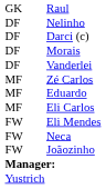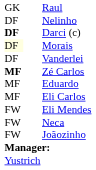 <table cellspacing="0" cellpadding="0" style="font-size:90%; margin:0.2em auto;">
 <tr>
 <th width="25"></th>
 <th width="25"></th>
 </tr>
 <tr>
 <td>GK</td>
 <td></td>
 <td> <a href='#'>Raul</a></td>
 </tr>
 <tr>
 <td>DF</td>
 <td></td>
 <td> <a href='#'>Nelinho</a></td>
 </tr>
 <tr>
-<td>DF</td>
+<td><strong>DF</strong></td>
 <td></td>
 <td> <a href='#'>Darci</a> (c)</td>
 </tr>
 <tr>
-<td>DF</td>
+<td style="background: lightyellow;">DF</td>
 <td></td>
 <td> <a href='#'>Morais</a></td>
 </tr>
 <tr>
 <td>DF</td>
 <td></td>
 <td> <a href='#'>Vanderlei</a></td>
 </tr>
 <tr>
-<td>MF</td>
+<td><strong>MF</strong></td>
 <td></td>
 <td> <a href='#'>Zé Carlos</a></td>
 </tr>
 <tr>
 <td>MF</td>
 <td></td>
 <td> <a href='#'>Eduardo</a></td>
 </tr>
 <tr>
 <td>MF</td>
 <td></td>
 <td> <a href='#'>Eli Carlos</a></td>
 </tr>
 <tr>
 <td>FW</td>
 <td></td>
 <td> <a href='#'>Eli Mendes</a></td>
 </tr>
 <tr>
 <td>FW</td>
 <td></td>
 <td> <a href='#'>Neca</a></td>
 </tr>
 <tr>
 <td>FW</td>
 <td></td>
 <td> <a href='#'>Joãozinho</a></td>
 </tr>
 <tr>
 <td colspan=3><strong>Manager:</strong></td>
 </tr>
 <tr>
 <td colspan=4> <a href='#'>Yustrich</a></td>
 </tr>
 </table>
